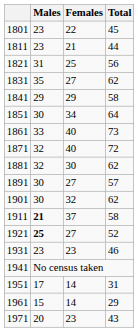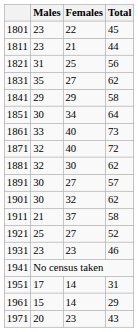 <table class="wikitable">
 <tr>
 <th></th>
 <th>Males</th>
 <th>Females</th>
 <th>Total</th>
 </tr>
 <tr>
 <td>1801</td>
 <td>23</td>
 <td>22</td>
 <td>45</td>
 </tr>
 <tr>
 <td>1811</td>
 <td>23</td>
 <td>21</td>
 <td>44</td>
 </tr>
 <tr>
 <td>1821</td>
 <td>31</td>
 <td>25</td>
 <td>56</td>
 </tr>
 <tr>
 <td>1831</td>
 <td>35</td>
 <td>27</td>
 <td>62</td>
 </tr>
 <tr>
 <td>1841</td>
 <td>29</td>
 <td>29</td>
 <td>58</td>
 </tr>
 <tr>
 <td>1851</td>
 <td>30</td>
 <td>34</td>
 <td>64</td>
 </tr>
 <tr>
 <td>1861</td>
 <td>33</td>
 <td>40</td>
 <td>73</td>
 </tr>
 <tr>
 <td>1871</td>
 <td>32</td>
 <td>40</td>
 <td>72</td>
 </tr>
 <tr>
 <td>1881</td>
 <td>32</td>
 <td>30</td>
 <td>62</td>
 </tr>
 <tr>
 <td>1891</td>
 <td>30</td>
 <td>27</td>
 <td>57</td>
 </tr>
 <tr>
 <td>1901</td>
 <td>30</td>
 <td>32</td>
 <td>62</td>
 </tr>
 <tr>
 <td>1911</td>
-<td><strong>21</strong></td>
+<td>21</td>
 <td>37</td>
 <td>58</td>
 </tr>
 <tr>
 <td>1921</td>
-<td><strong>25</strong></td>
+<td>25</td>
 <td>27</td>
 <td>52</td>
 </tr>
 <tr>
 <td>1931</td>
 <td>23</td>
 <td>23</td>
 <td>46</td>
 </tr>
 <tr>
 <td>1941</td>
 <td colspan="3">No census taken</td>
 </tr>
 <tr>
 <td>1951</td>
 <td>17</td>
 <td>14</td>
 <td>31</td>
 </tr>
 <tr>
 <td>1961</td>
 <td>15</td>
 <td>14</td>
 <td>29</td>
 </tr>
 <tr>
 <td>1971</td>
 <td>20</td>
 <td>23</td>
 <td>43</td>
 </tr>
 </table>
